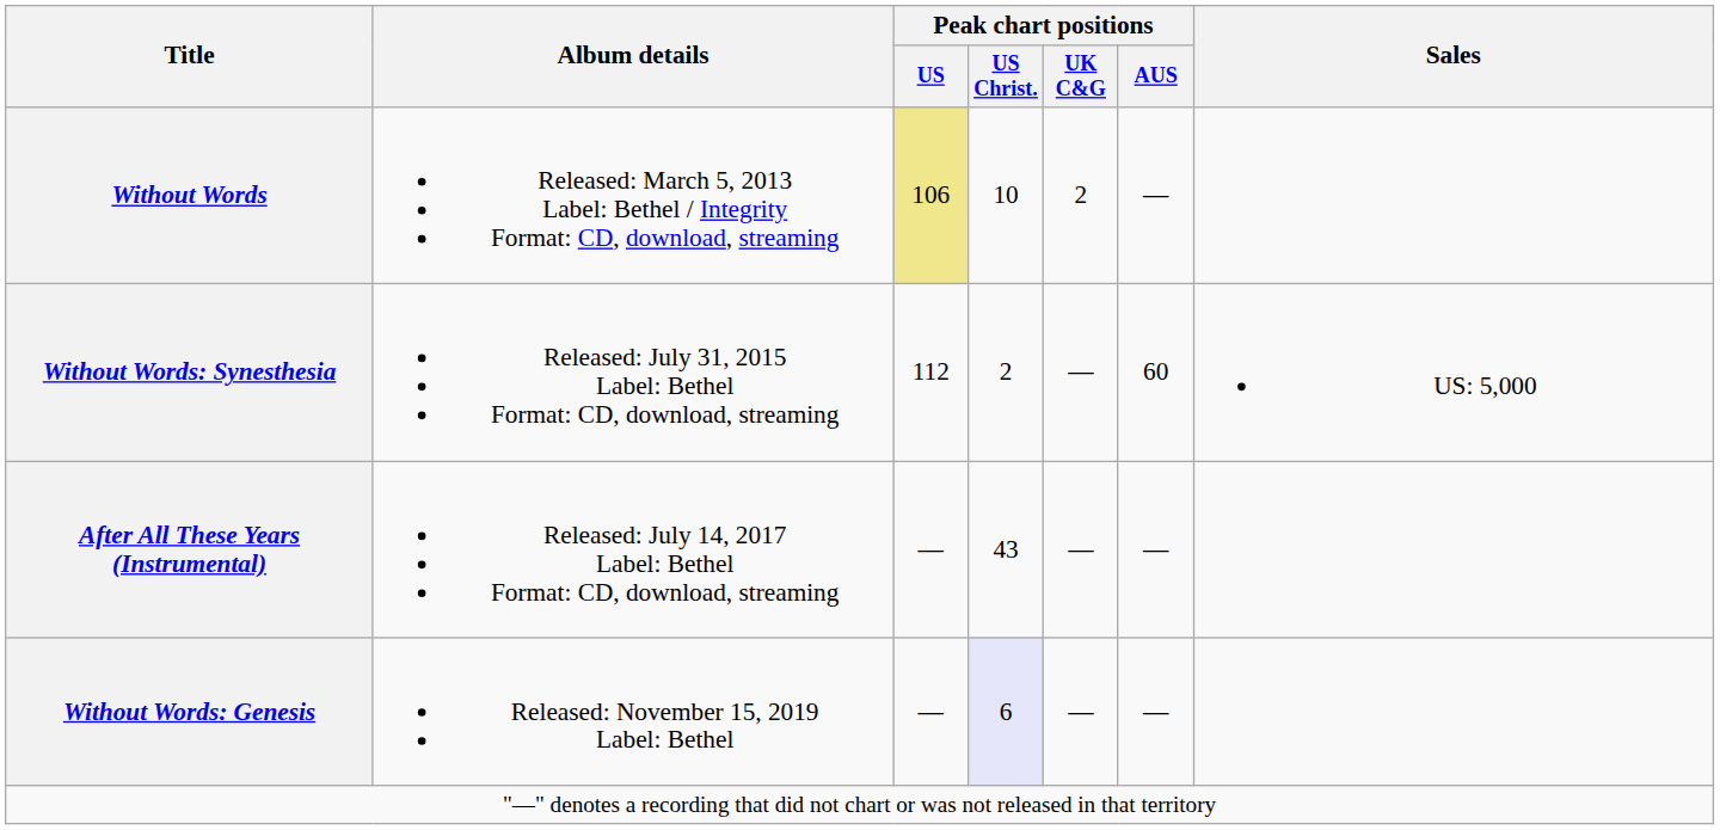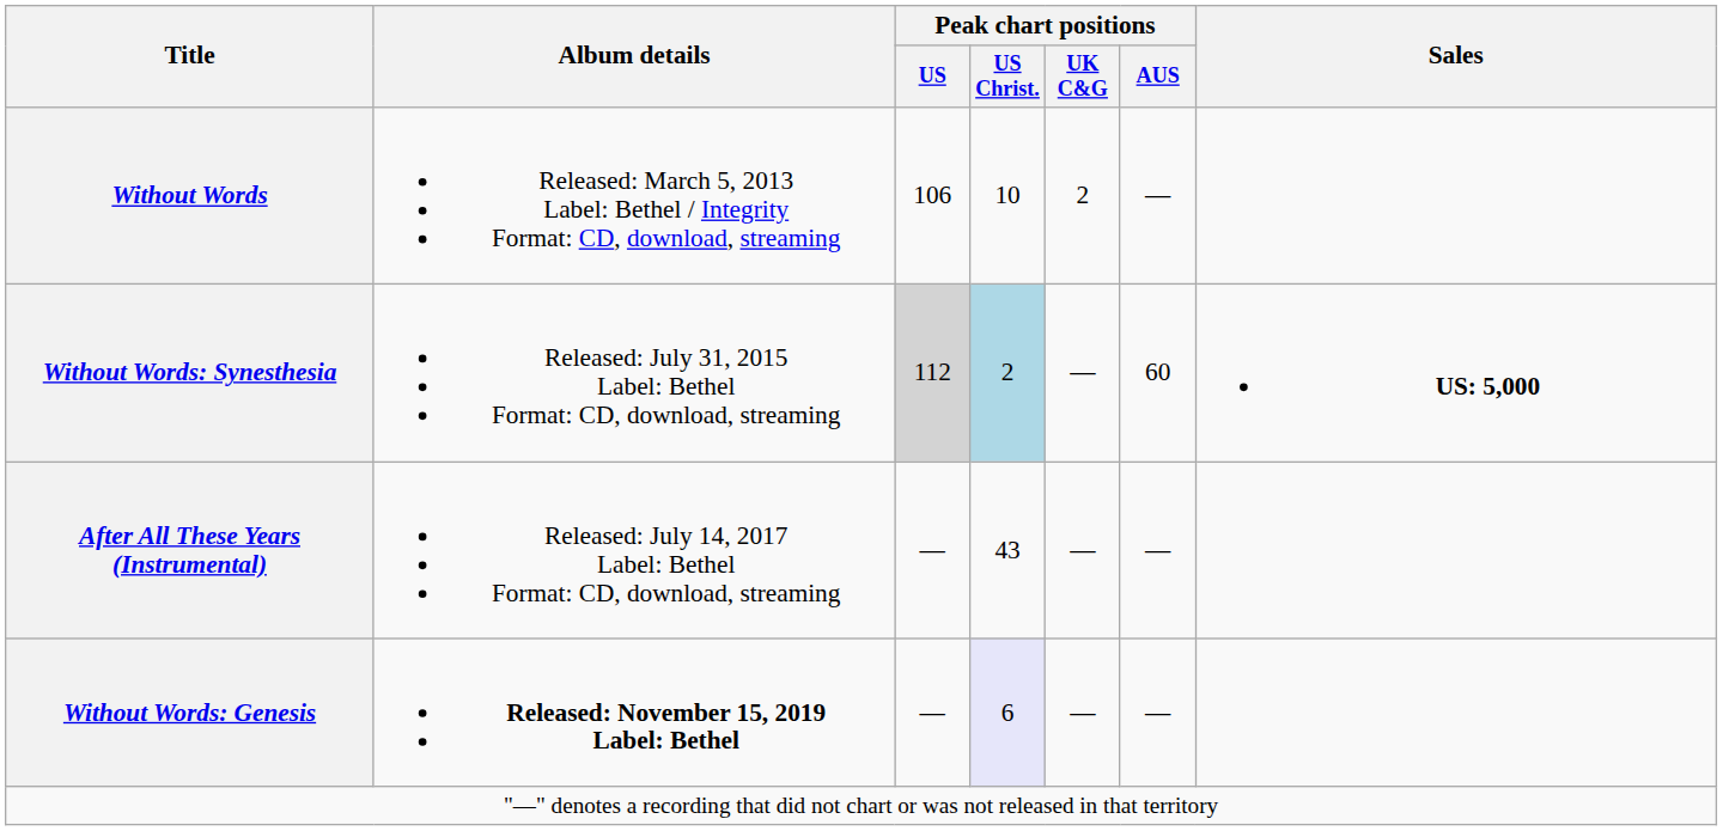 <table class="wikitable plainrowheaders" style="text-align:center;">
 <tr>
 <th scope="col" rowspan="2" style="width:14em;">Title</th>
 <th scope="col" rowspan="2" style="width:20em;">Album details</th>
 <th scope="col" colspan="4">Peak chart positions</th>
 <th scope="col" rowspan="2" style="width:20em;">Sales</th>
 </tr>
 <tr>
 <th scope="col" style="width:3em;font-size:85%;"><a href='#'>US</a><br></th>
 <th scope="col" style="width:3em;font-size:85%;"><a href='#'>US<br>Christ.</a><br></th>
 <th scope="col" style="width:3em;font-size:85%;"><a href='#'>UK<br>C&G</a></th>
 <th scope="col" style="width:3em;font-size:85%;"><a href='#'>AUS</a></th>
 </tr>
 <tr>
 <th scope="row"><em><a href='#'>Without Words</a></em></th>
 <td><br><ul><li>Released: March 5, 2013</li><li>Label: Bethel / <a href='#'>Integrity</a></li><li>Format: <a href='#'>CD</a>, <a href='#'>download</a>, <a href='#'>streaming</a></li></ul></td>
-<td style="background: khaki;">106</td>
+<td>106</td>
 <td>10</td>
 <td>2<br></td>
 <td>—</td>
 <td></td>
 </tr>
 <tr>
 <th scope="row"><em><a href='#'>Without Words: Synesthesia</a></em></th>
 <td><br><ul><li>Released: July 31, 2015</li><li>Label: Bethel</li><li>Format: CD, download, streaming</li></ul></td>
-<td>112</td>
-<td>2</td>
+<td style="background: lightgrey;">112</td>
+<td style="background: lightblue;">2</td>
 <td>—</td>
 <td>60<br></td>
-<td><br><ul><li>US: 5,000</li></ul></td>
+<td><strong><br><ul><li>US: 5,000</li></ul></strong></td>
 </tr>
 <tr>
 <th scope="row"><em><a href='#'>After All These Years (Instrumental)</a></em></th>
 <td><br><ul><li>Released: July 14, 2017</li><li>Label: Bethel</li><li>Format: CD, download, streaming</li></ul></td>
 <td>—</td>
 <td>43</td>
 <td>—</td>
 <td>—</td>
 <td></td>
 </tr>
 <tr>
 <th scope="row"><em><a href='#'>Without Words: Genesis</a></em></th>
-<td><br><ul><li>Released: November 15, 2019</li><li>Label: Bethel</li></ul></td>
+<td><strong><br><ul><li>Released: November 15, 2019</li><li>Label: Bethel</li></ul></strong></td>
 <td>—</td>
 <td style="background: lavender;">6</td>
 <td>—</td>
 <td>—</td>
 <td></td>
 </tr>
 <tr>
 <td colspan="8" style="font-size:90%">"—" denotes a recording that did not chart or was not released in that territory</td>
 </tr>
 </table>
